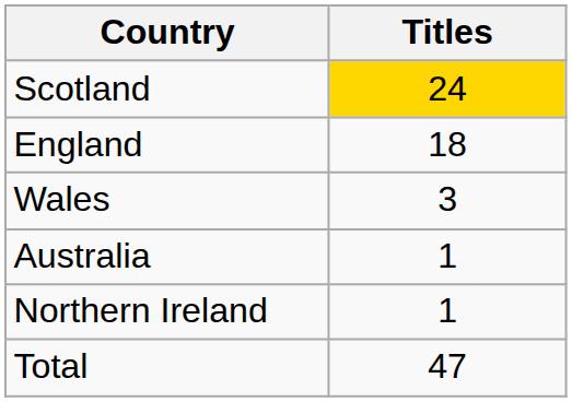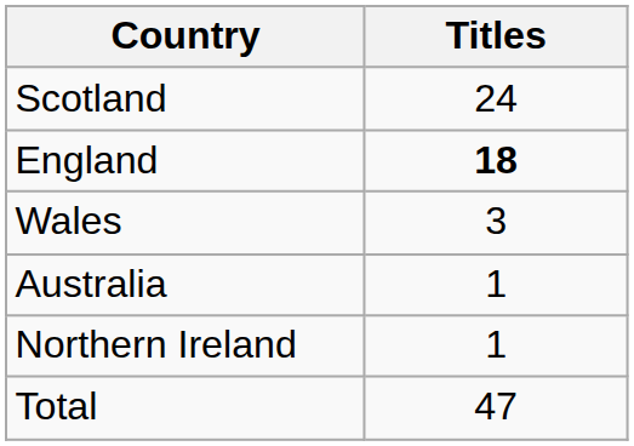 <table class="wikitable" style="text-align:left;">
 <tr>
 <th style="width:140px;">Country</th>
 <th style="width:100px;">Titles</th>
 </tr>
 <tr>
 <td> Scotland</td>
-<td style="background: gold; text-align:center;">24</td>
+<td style="text-align:center;">24</td>
 </tr>
 <tr>
 <td> England</td>
-<td style="text-align:center;">18</td>
+<td style="text-align:center;"><strong>18</strong></td>
 </tr>
 <tr>
 <td> Wales</td>
 <td style="text-align:center;">3</td>
 </tr>
 <tr>
 <td> Australia</td>
 <td style="text-align:center;">1</td>
 </tr>
 <tr>
 <td> Northern Ireland</td>
 <td style="text-align:center;">1</td>
 </tr>
 <tr>
 <td>Total</td>
 <td style="text-align:center;">47</td>
 </tr>
 </table>
